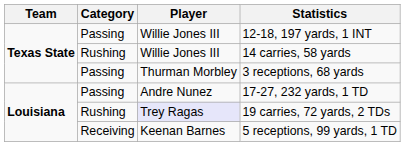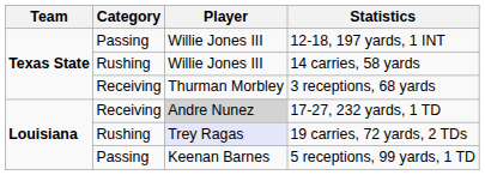 <table class="wikitable">
 <tr>
 <th>Team</th>
 <th>Category</th>
 <th>Player</th>
 <th>Statistics</th>
 </tr>
 <tr>
 <td rowspan=3><strong>Texas State</strong></td>
 <td>Passing</td>
 <td>Willie Jones III</td>
 <td>12-18, 197 yards, 1 INT</td>
 </tr>
 <tr>
 <td>Rushing</td>
 <td>Willie Jones III</td>
 <td>14 carries, 58 yards</td>
 </tr>
 <tr>
-<td>Passing</td>
+<td>Receiving</td>
 <td>Thurman Morbley</td>
 <td>3 receptions, 68 yards</td>
 </tr>
 <tr>
 <td rowspan=3><strong>Louisiana</strong></td>
-<td>Passing</td>
-<td>Andre Nunez</td>
+<td>Receiving</td>
+<td style="background: lightgrey;">Andre Nunez</td>
 <td>17-27, 232 yards, 1 TD</td>
 </tr>
 <tr>
 <td>Rushing</td>
 <td style="background: lavender;">Trey Ragas</td>
 <td>19 carries, 72 yards, 2 TDs</td>
 </tr>
 <tr>
-<td>Receiving</td>
+<td>Passing</td>
 <td>Keenan Barnes</td>
 <td>5 receptions, 99 yards, 1 TD</td>
 </tr>
 </table>
